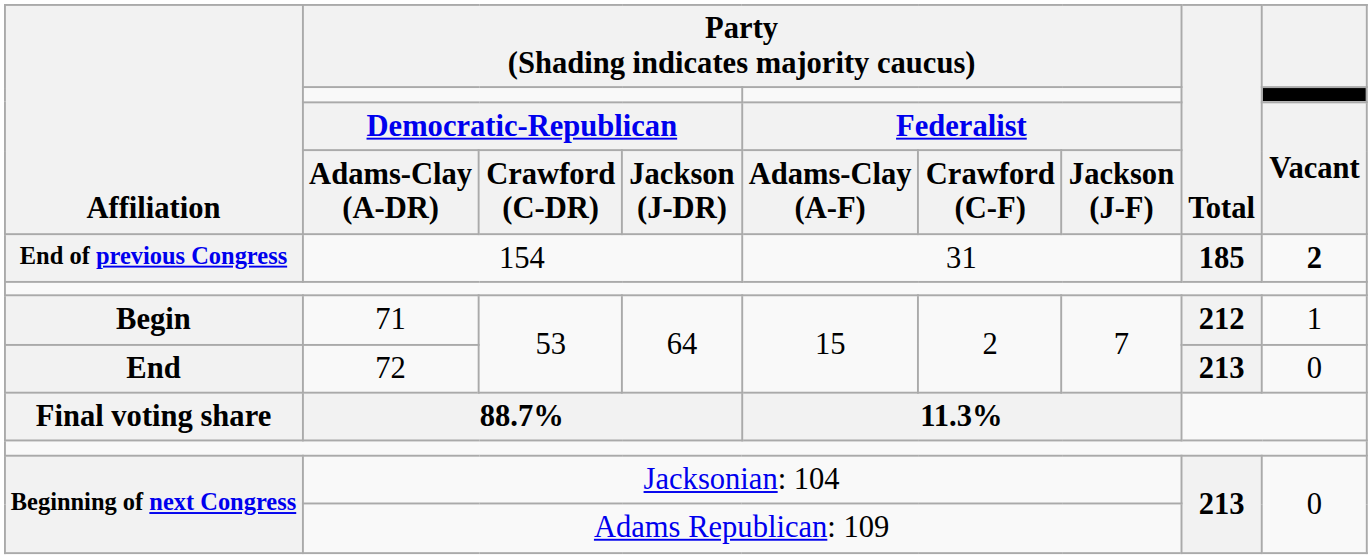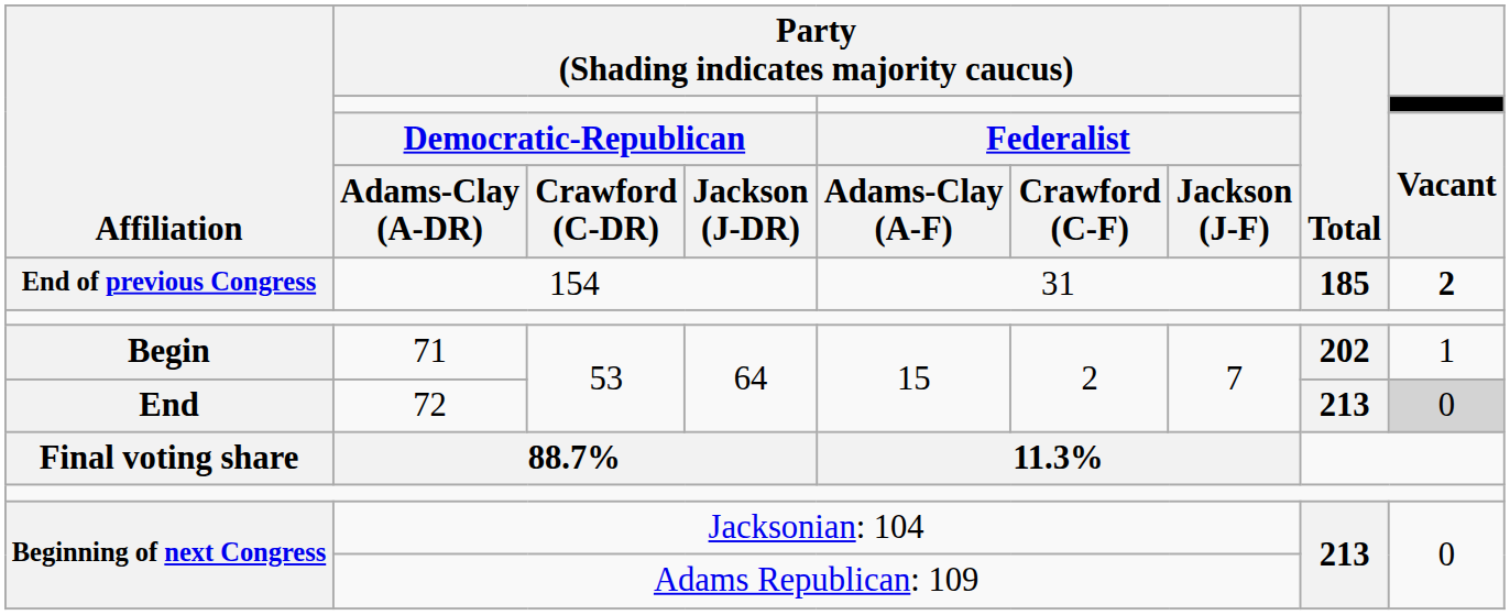 <table class=wikitable style="text-align:center">
 <tr valign=bottom>
 <th rowspan=4>Affiliation</th>
 <th colspan=6>Party<div>(Shading indicates majority caucus)</div></th>
 <th rowspan=4>Total</th>
 <th></th>
 </tr>
 <tr style="height:5px">
 <td colspan=3 style="background-color:"></td>
 <td colspan=3 style="background-color:"></td>
 <td style="background:black"></td>
 </tr>
 <tr>
 <th colspan=3><a href='#'>Democratic-Republican</a></th>
 <th colspan=3><a href='#'>Federalist</a></th>
 <th rowspan=2>Vacant</th>
 </tr>
 <tr>
 <th>Adams-Clay<br>(A-DR)</th>
 <th>Crawford<br>(C-DR)</th>
 <th>Jackson<br>(J-DR)</th>
 <th>Adams-Clay<br>(A-F)</th>
 <th>Crawford<br>(C-F)</th>
 <th>Jackson<br>(J-F)</th>
 </tr>
 <tr>
 <th style="white-space:nowrap; font-size:80%">End of <a href='#'>previous Congress</a></th>
 <td colspan=3 >154</td>
 <td colspan=3>31</td>
 <th>185</th>
 <td><strong>2</strong></td>
 </tr>
 <tr>
 <td colspan=9></td>
 </tr>
 <tr>
 <th>Begin</th>
 <td>71</td>
 <td rowspan=2 >53</td>
 <td rowspan=2 >64</td>
 <td rowspan=2>15</td>
 <td rowspan=2>2</td>
 <td rowspan=2>7</td>
-<th>212</th>
+<th>202</th>
 <td>1</td>
 </tr>
 <tr>
 <th>End</th>
 <td>72</td>
 <th>213</th>
-<td>0</td>
+<td style="background: lightgrey;">0</td>
 </tr>
 <tr>
 <th>Final voting share</th>
 <th colspan=3 >88.7%</th>
 <th colspan=3>11.3%</th>
 <td colspan=2></td>
 </tr>
 <tr>
 <td colspan=9></td>
 </tr>
 <tr>
 <th style="white-space:nowrap; font-size:80%" rowspan="2">Beginning of <a href='#'>next Congress</a></th>
 <td colspan=6><a href='#'>Jacksonian</a>: 104</td>
 <th rowspan=2>213</th>
 <td rowspan=2>0</td>
 </tr>
 <tr>
 <td colspan=6 ><a href='#'>Adams Republican</a>: 109</td>
 </tr>
 </table>
